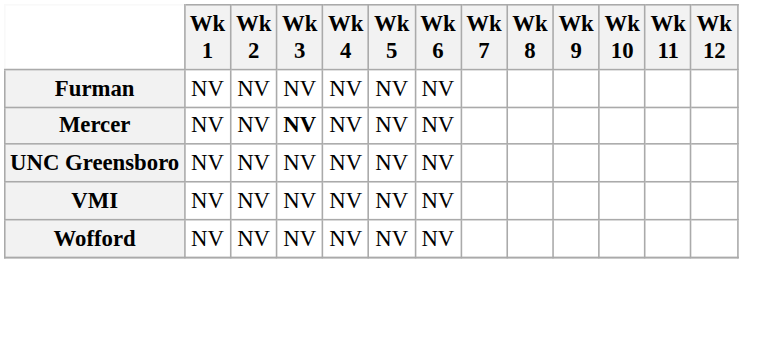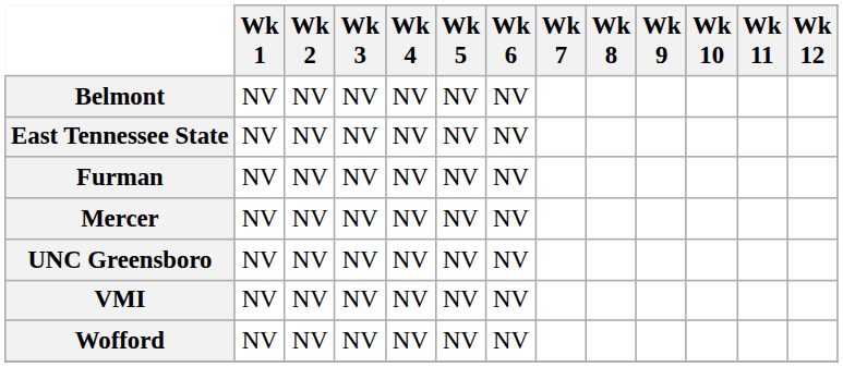 <table class="wikitable" style="white-space:nowrap;font-size:90%;text-align:center;">
 <tr>
 <th style="background:white; border-top-style:hidden; border-left-style:hidden;"> </th>
 <th>Wk<br> 1</th>
 <th>Wk<br>2</th>
 <th>Wk<br>3</th>
 <th>Wk<br>4</th>
 <th>Wk<br>5</th>
 <th>Wk<br>6</th>
 <th>Wk<br>7</th>
 <th>Wk<br>8</th>
 <th>Wk<br>9</th>
 <th>Wk<br>10</th>
 <th>Wk<br>11</th>
 <th>Wk<br>12</th>
+</tr>
+<tr>
+<th>Belmont</th>
+<td style="background:#FFF;">NV</td>
+<td style="background:#FFF;">NV</td>
+<td style="background:#FFF;">NV</td>
+<td style="background:#FFF;">NV</td>
+<td style="background:#FFF;">NV</td>
+<td style="background:#FFF;">NV</td>
+<td style="background:#FFF;"></td>
+<td style="background:#FFF;"></td>
+<td style="background:#FFF;"></td>
+<td style="background:#FFF;"></td>
+<td style="background:#FFF;"></td>
+<td style="background:#FFF;"></td>
+</tr>
+<tr>
+<th>East Tennessee State</th>
+<td style="background:#FFF;">NV</td>
+<td style="background:#FFF;">NV</td>
+<td style="background:#FFF;">NV</td>
+<td style="background:#FFF;">NV</td>
+<td style="background:#FFF;">NV</td>
+<td style="background:#FFF;">NV</td>
+<td style="background:#FFF;"></td>
+<td style="background:#FFF;"></td>
+<td style="background:#FFF;"></td>
+<td style="background:#FFF;"></td>
+<td style="background:#FFF;"></td>
+<td style="background:#FFF;"></td>
 </tr>
 <tr>
 <th>Furman</th>
 <td style="background:#FFF;">NV</td>
 <td style="background:#FFF;">NV</td>
 <td style="background:#FFF;">NV</td>
 <td style="background:#FFF;">NV</td>
 <td style="background:#FFF;">NV</td>
 <td style="background:#FFF;">NV</td>
 <td style="background:#FFF;"></td>
 <td style="background:#FFF;"></td>
 <td style="background:#FFF;"></td>
 <td style="background:#FFF;"></td>
 <td style="background:#FFF;"></td>
 <td style="background:#FFF;"></td>
 </tr>
 <tr>
 <th>Mercer</th>
 <td style="background:#FFF;">NV</td>
 <td style="background:#FFF;">NV</td>
-<td style="background:#FFF;"><strong>NV</strong></td>
+<td style="background:#FFF;">NV</td>
 <td style="background:#FFF;">NV</td>
 <td style="background:#FFF;">NV</td>
 <td style="background:#FFF;">NV</td>
 <td style="background:#FFF;"></td>
 <td style="background:#FFF;"></td>
 <td style="background:#FFF;"></td>
 <td style="background:#FFF;"></td>
 <td style="background:#FFF;"></td>
 <td style="background:#FFF;"></td>
 </tr>
 <tr>
 <th>UNC Greensboro</th>
 <td style="background:#FFF;">NV</td>
 <td style="background:#FFF;">NV</td>
 <td style="background:#FFF;">NV</td>
 <td style="background:#FFF;">NV</td>
 <td style="background:#FFF;">NV</td>
 <td style="background:#FFF;">NV</td>
 <td style="background:#FFF;"></td>
 <td style="background:#FFF;"></td>
 <td style="background:#FFF;"></td>
 <td style="background:#FFF;"></td>
 <td style="background:#FFF;"></td>
 <td style="background:#FFF;"></td>
 </tr>
 <tr>
 <th>VMI</th>
 <td style="background:#FFF;">NV</td>
 <td style="background:#FFF;">NV</td>
 <td style="background:#FFF;">NV</td>
 <td style="background:#FFF;">NV</td>
 <td style="background:#FFF;">NV</td>
 <td style="background:#FFF;">NV</td>
 <td style="background:#FFF;"></td>
 <td style="background:#FFF;"></td>
 <td style="background:#FFF;"></td>
 <td style="background:#FFF;"></td>
 <td style="background:#FFF;"></td>
 <td style="background:#FFF;"></td>
 </tr>
 <tr>
 <th>Wofford</th>
 <td style="background:#FFF;">NV</td>
 <td style="background:#FFF;">NV</td>
 <td style="background:#FFF;">NV</td>
 <td style="background:#FFF;">NV</td>
 <td style="background:#FFF;">NV</td>
 <td style="background:#FFF;">NV</td>
 <td style="background:#FFF;"></td>
 <td style="background:#FFF;"></td>
 <td style="background:#FFF;"></td>
 <td style="background:#FFF;"></td>
 <td style="background:#FFF;"></td>
 <td style="background:#FFF;"></td>
 </tr>
 <tr>
 </tr>
 </table>
